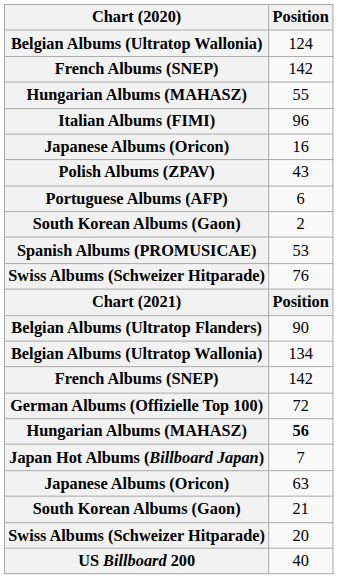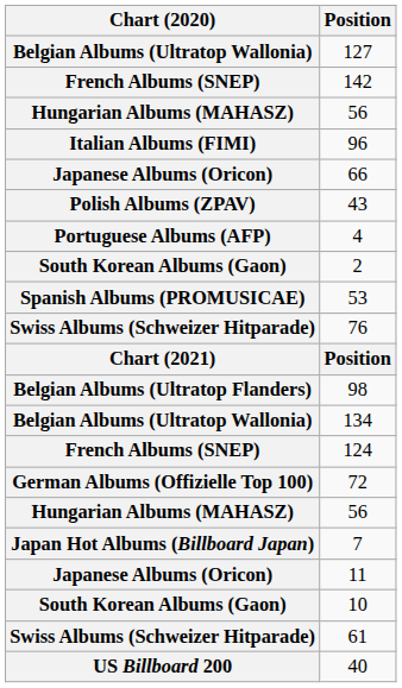 <table class="wikitable sortable plainrowheaders" style="text-align:center">
 <tr>
 <th scope="col">Chart (2020)</th>
 <th scope="col">Position</th>
 </tr>
 <tr>
 <th scope="row">Belgian Albums (Ultratop Wallonia)</th>
-<td>124</td>
+<td>127</td>
 </tr>
 <tr>
 <th scope="row">French Albums (SNEP)</th>
 <td>142</td>
 </tr>
 <tr>
 <th scope="row">Hungarian Albums (MAHASZ)</th>
-<td>55</td>
+<td>56</td>
 </tr>
 <tr>
 <th scope="row">Italian Albums (FIMI)</th>
 <td>96</td>
 </tr>
 <tr>
 <th scope="row">Japanese Albums (Oricon)</th>
-<td>16</td>
+<td>66</td>
 </tr>
 <tr>
 <th scope="row">Polish Albums (ZPAV)</th>
 <td>43</td>
 </tr>
 <tr>
 <th scope="row">Portuguese Albums (AFP)</th>
-<td>6</td>
+<td>4</td>
 </tr>
 <tr>
 <th scope="row">South Korean Albums (Gaon)</th>
 <td>2</td>
 </tr>
 <tr>
 <th scope="row">Spanish Albums (PROMUSICAE)</th>
 <td>53</td>
 </tr>
 <tr>
 <th scope="row">Swiss Albums (Schweizer Hitparade)</th>
 <td>76</td>
 </tr>
 <tr>
 <th scope="col">Chart (2021)</th>
 <th scope="col">Position</th>
 </tr>
 <tr>
 <th scope="row">Belgian Albums (Ultratop Flanders)</th>
-<td>90</td>
+<td>98</td>
 </tr>
 <tr>
 <th scope="row">Belgian Albums (Ultratop Wallonia)</th>
 <td>134</td>
 </tr>
 <tr>
 <th scope="row">French Albums (SNEP)</th>
-<td>142</td>
+<td>124</td>
 </tr>
 <tr>
 <th scope="row">German Albums (Offizielle Top 100)</th>
 <td>72</td>
 </tr>
 <tr>
 <th scope="row">Hungarian Albums (MAHASZ)</th>
-<td><strong>56</strong></td>
+<td>56</td>
 </tr>
 <tr>
 <th scope="row">Japan Hot Albums (<em>Billboard Japan</em>)</th>
 <td>7</td>
 </tr>
 <tr>
 <th scope="row">Japanese Albums (Oricon)</th>
-<td>63</td>
+<td>11</td>
 </tr>
 <tr>
 <th scope="row">South Korean Albums (Gaon)</th>
-<td>21</td>
+<td>10</td>
 </tr>
 <tr>
 <th scope="row">Swiss Albums (Schweizer Hitparade)</th>
-<td>20</td>
+<td>61</td>
 </tr>
 <tr>
 <th scope="row">US <em>Billboard</em> 200</th>
 <td>40</td>
 </tr>
 </table>
